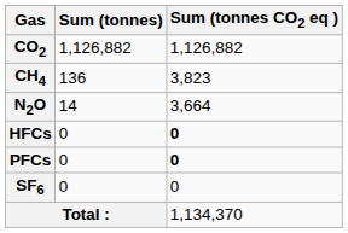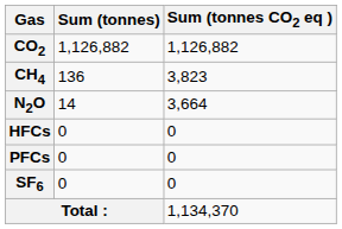 <table class="wikitable">
 <tr>
 <th>Gas</th>
 <th>Sum (tonnes)</th>
 <th>Sum (tonnes CO<sub>2</sub> eq )</th>
 </tr>
 <tr>
 <th>CO<sub>2</sub></th>
 <td>1,126,882</td>
 <td>1,126,882</td>
 </tr>
 <tr>
 <th>CH<sub>4</sub></th>
 <td>136</td>
 <td>3,823</td>
 </tr>
 <tr>
 <th>N<sub>2</sub>O</th>
 <td>14</td>
 <td>3,664</td>
 </tr>
 <tr>
 <th>HFCs</th>
 <td>0</td>
-<td><strong>0</strong></td>
+<td>0</td>
 </tr>
 <tr>
 <th>PFCs</th>
 <td>0</td>
-<td><strong>0</strong></td>
+<td>0</td>
 </tr>
 <tr>
 <th>SF<sub>6</sub></th>
 <td>0</td>
 <td>0</td>
 </tr>
 <tr>
 <th colspan="2">Total :</th>
 <td>1,134,370</td>
 </tr>
 </table>
